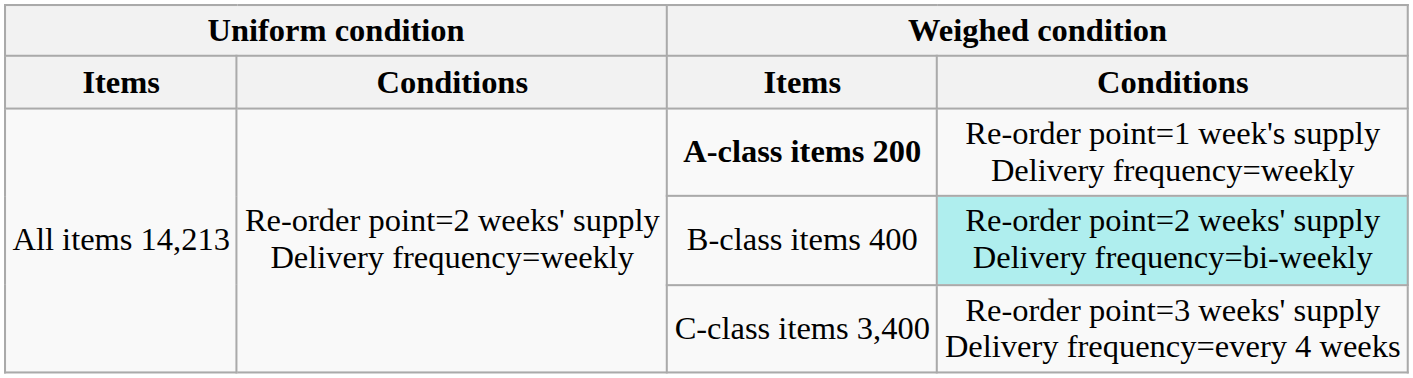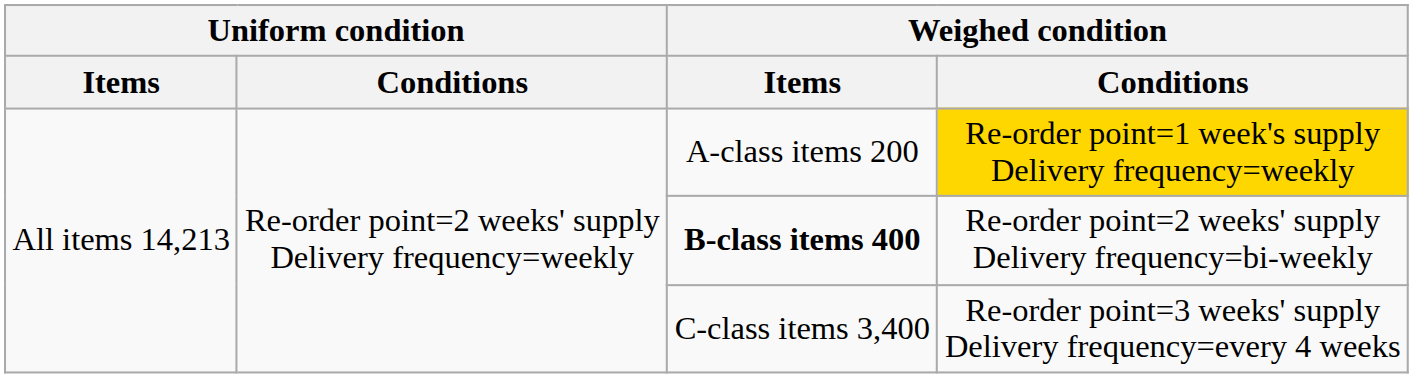 <table class="wikitable" style="text-align:center">
 <tr>
 <th colspan=2>Uniform condition</th>
 <th colspan=2>Weighed condition</th>
 </tr>
 <tr>
 <th>Items</th>
 <th>Conditions</th>
 <th>Items</th>
 <th>Conditions</th>
 </tr>
 <tr>
 <td rowspan=3>All items 14,213</td>
 <td rowspan=3>Re-order point=2 weeks' supply<br>Delivery frequency=weekly</td>
-<td><strong>A-class items 200</strong></td>
-<td>Re-order point=1 week's supply<br>Delivery frequency=weekly</td>
+<td>A-class items 200</td>
+<td style="background: gold;">Re-order point=1 week's supply<br>Delivery frequency=weekly</td>
 </tr>
 <tr>
-<td>B-class items 400</td>
-<td style="background: paleturquoise;">Re-order point=2 weeks' supply<br>Delivery frequency=bi-weekly</td>
+<td><strong>B-class items 400</strong></td>
+<td>Re-order point=2 weeks' supply<br>Delivery frequency=bi-weekly</td>
 </tr>
 <tr>
 <td>C-class items 3,400</td>
 <td>Re-order point=3 weeks' supply<br>Delivery frequency=every 4 weeks</td>
 </tr>
 </table>
